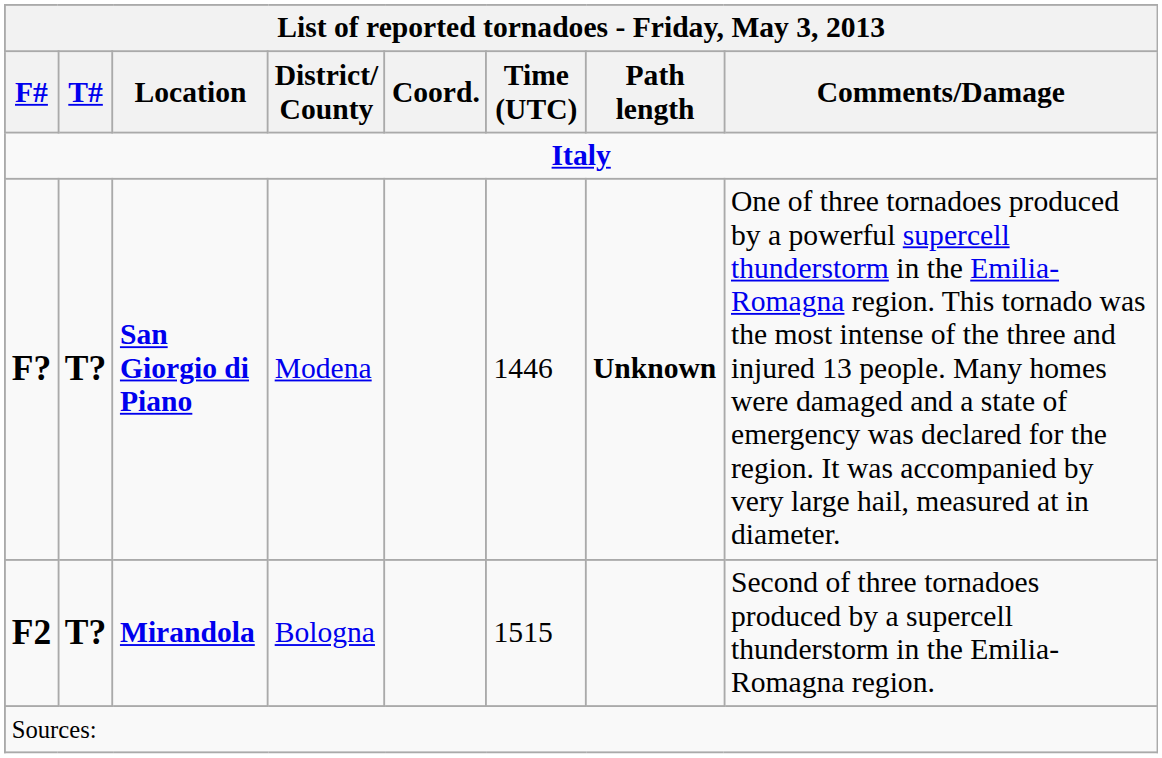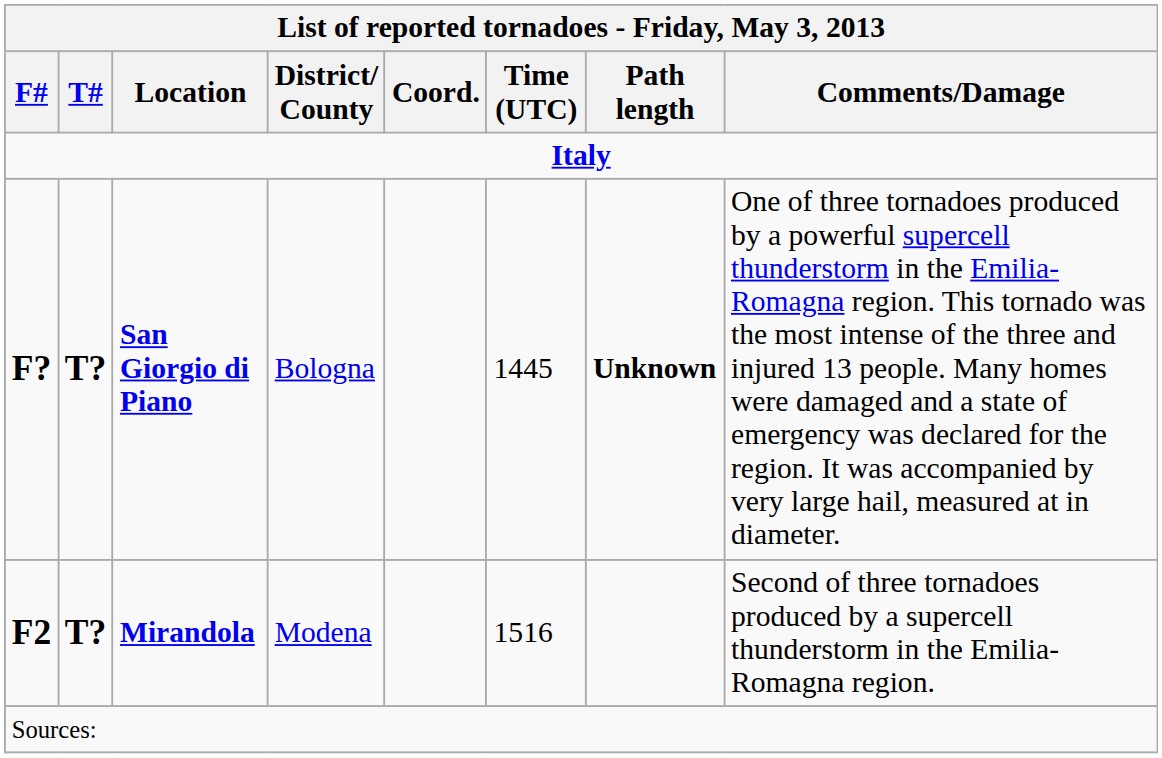 <table class="wikitable collapsible" width="100%">
 <tr>
 <th colspan="8">List of reported tornadoes - Friday, May 3, 2013</th>
 </tr>
 <tr>
 <th><a href='#'>F#</a></th>
 <th><a href='#'>T#</a></th>
 <th>Location</th>
 <th>District/<br>County</th>
 <th>Coord.</th>
 <th>Time (UTC)</th>
 <th>Path length</th>
 <th>Comments/Damage</th>
 </tr>
 <tr>
 <td colspan="8" align=center><strong><a href='#'>Italy</a></strong></td>
 </tr>
 <tr>
 <td><big><strong>F?</strong></big></td>
 <td><big><strong>T?</strong></big></td>
 <td><strong><a href='#'>San Giorgio di Piano</a></strong></td>
-<td><a href='#'>Modena</a></td>
+<td><a href='#'>Bologna</a></td>
 <td></td>
-<td>1446</td>
+<td>1445</td>
 <td><strong>Unknown</strong></td>
 <td>One of three tornadoes produced by a powerful <a href='#'>supercell thunderstorm</a> in the <a href='#'>Emilia-Romagna</a> region. This tornado was the most intense of the three and injured 13 people. Many homes were damaged and a state of emergency was declared for the region. It was accompanied by very large hail, measured at  in diameter.</td>
 </tr>
 <tr>
 <td><big><strong>F2</strong></big></td>
 <td><big><strong>T?</strong></big></td>
 <td><strong><a href='#'>Mirandola</a></strong></td>
-<td><a href='#'>Bologna</a></td>
+<td><a href='#'>Modena</a></td>
 <td></td>
-<td>1515</td>
+<td>1516</td>
 <td></td>
 <td>Second of three tornadoes produced by a supercell thunderstorm in the Emilia-Romagna region.</td>
 </tr>
 <tr>
 <td colspan="8"><small>Sources:  </small></td>
 </tr>
 </table>
